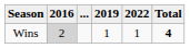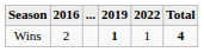 <table class="wikitable">
 <tr style=background:#efefef;font-weight:bold>
 <td>Season</td>
 <td>2016</td>
 <td>...</td>
 <td>2019</td>
 <td>2022</td>
 <td><strong>Total</strong></td>
 </tr>
 <tr align=center>
 <td>Wins</td>
-<td style="background: lightgrey;">2</td>
+<td>2</td>
 <td></td>
-<td>1</td>
+<td><strong>1</strong></td>
 <td>1</td>
 <td><strong>4</strong></td>
 </tr>
 </table>
